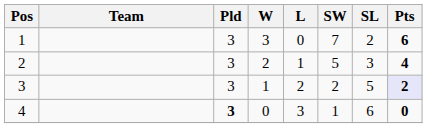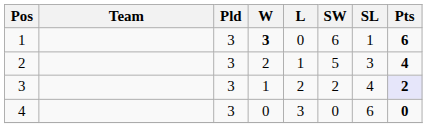 <table class="wikitable" style="text-align: center;">
 <tr>
 <th width="30">Pos</th>
 <th width="180">Team</th>
 <th width="30">Pld</th>
 <th width="30">W</th>
 <th width="30">L</th>
 <th width="30">SW</th>
 <th width="30">SL</th>
 <th width="30">Pts</th>
 </tr>
 <tr>
 <td>1</td>
 <td align="left"></td>
 <td>3</td>
-<td>3</td>
+<td><strong>3</strong></td>
 <td>0</td>
-<td>7</td>
-<td>2</td>
+<td>6</td>
+<td>1</td>
 <td><strong>6</strong></td>
 </tr>
 <tr>
 <td>2</td>
 <td align="left"></td>
 <td>3</td>
 <td>2</td>
 <td>1</td>
 <td>5</td>
 <td>3</td>
 <td><strong>4</strong></td>
 </tr>
 <tr>
 <td>3</td>
 <td align="left"></td>
 <td>3</td>
 <td>1</td>
 <td>2</td>
 <td>2</td>
-<td>5</td>
+<td>4</td>
 <td style="background: lavender;"><strong>2</strong></td>
 </tr>
 <tr>
 <td>4</td>
 <td align="left"></td>
-<td><strong>3</strong></td>
+<td>3</td>
 <td>0</td>
 <td>3</td>
-<td>1</td>
+<td>0</td>
 <td>6</td>
 <td><strong>0</strong></td>
 </tr>
 <tr>
 </tr>
 </table>
